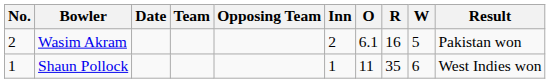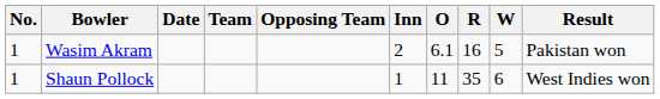 <table class="wikitable sortable">
 <tr>
 <th>No.</th>
 <th>Bowler</th>
 <th>Date</th>
 <th>Team</th>
 <th>Opposing Team</th>
 <th scope="col" style="width:20px;">Inn</th>
 <th scope="col" style="width:20px;">O</th>
 <th scope="col" style="width:20px;">R</th>
 <th scope="col" style="width:20px;">W</th>
 <th>Result</th>
 </tr>
 <tr>
-<td>2</td>
+<td>1</td>
 <td><a href='#'>Wasim Akram</a></td>
 <td></td>
 <td></td>
 <td></td>
 <td>2</td>
 <td>6.1</td>
 <td>16</td>
 <td>5</td>
 <td>Pakistan won</td>
 </tr>
 <tr>
 <td>1</td>
 <td><a href='#'>Shaun Pollock</a></td>
 <td></td>
 <td></td>
 <td></td>
 <td>1</td>
 <td>11</td>
 <td>35</td>
 <td>6</td>
 <td>West Indies won</td>
 </tr>
 </table>
